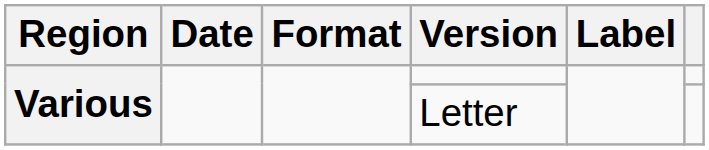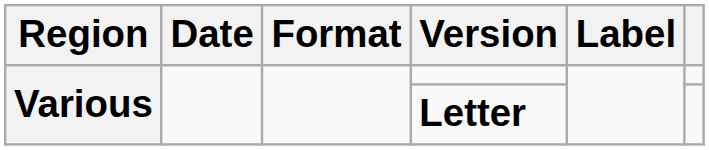 <table class="wikitable plainrowheaders">
 <tr>
 <th scope="col">Region</th>
 <th scope="col">Date</th>
 <th scope="col">Format</th>
 <th>Version</th>
 <th scope="col">Label</th>
 <th scope="col"></th>
 </tr>
 <tr>
 <th scope="row" rowspan="2">Various</th>
 <td rowspan="2"></td>
 <td rowspan="2"></td>
 <td></td>
 <td rowspan="2"></td>
 <td style="text-align:center"></td>
 </tr>
 <tr>
-<td>Letter</td>
+<td><strong>Letter</strong></td>
 <td></td>
 </tr>
 </table>
